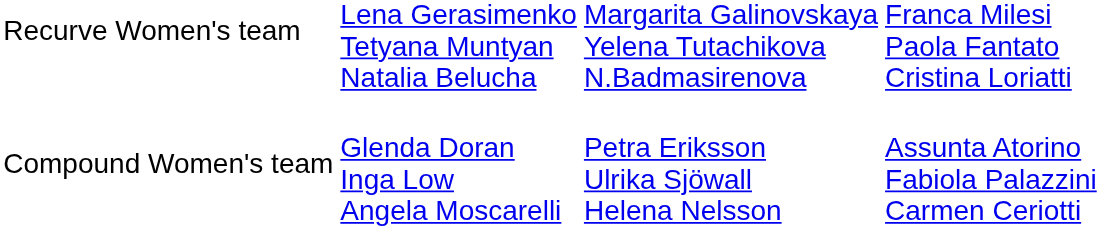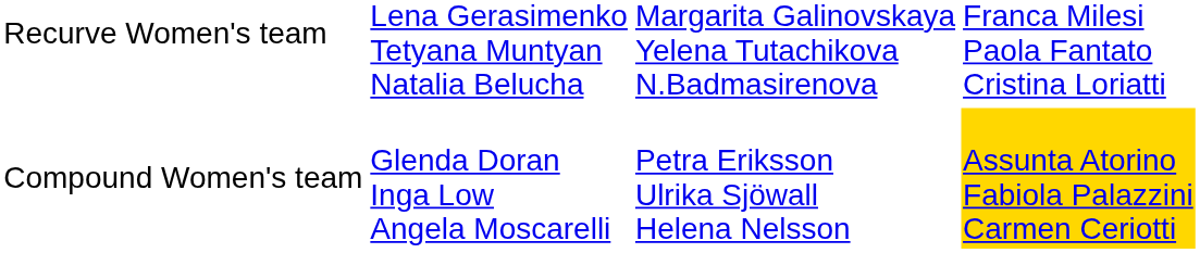 <table>
 <tr>
 <td>Recurve Women's team<br></td>
 <td><br><a href='#'>Lena Gerasimenko</a><br><a href='#'>Tetyana Muntyan</a><br><a href='#'>Natalia Belucha</a></td>
 <td><br><a href='#'>Margarita Galinovskaya</a><br><a href='#'>Yelena Tutachikova</a><br><a href='#'>N.Badmasirenova</a></td>
 <td><br><a href='#'>Franca Milesi</a><br><a href='#'>Paola Fantato</a><br><a href='#'>Cristina Loriatti</a></td>
 </tr>
 <tr>
 <td>Compound Women's team<br></td>
 <td><br><a href='#'>Glenda Doran</a><br><a href='#'>Inga Low</a><br><a href='#'>Angela Moscarelli</a></td>
 <td><br><a href='#'>Petra Eriksson</a><br><a href='#'>Ulrika Sjöwall</a><br><a href='#'>Helena Nelsson</a></td>
-<td><br><a href='#'>Assunta Atorino</a><br><a href='#'>Fabiola Palazzini</a><br><a href='#'>Carmen Ceriotti</a></td>
+<td style="background: gold;"><br><a href='#'>Assunta Atorino</a><br><a href='#'>Fabiola Palazzini</a><br><a href='#'>Carmen Ceriotti</a></td>
 </tr>
 </table>
